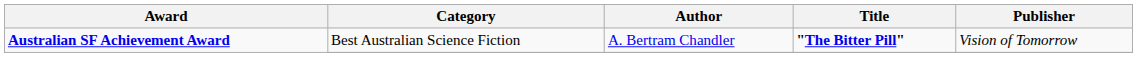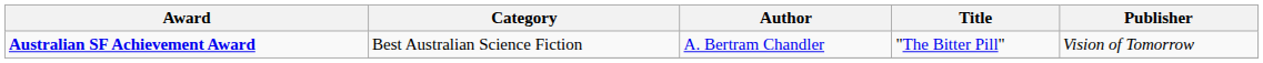 <table class="wikitable" width=95%>
 <tr>
 <th>Award</th>
 <th>Category</th>
 <th>Author</th>
 <th>Title</th>
 <th>Publisher</th>
 </tr>
 <tr>
 <td rowspan=2><strong><a href='#'> Australian SF Achievement Award</a></strong></td>
 <td>Best Australian Science Fiction</td>
 <td><a href='#'>A. Bertram Chandler</a></td>
-<td><strong>"<a href='#'>The Bitter Pill</a>"</strong></td>
+<td>"<a href='#'>The Bitter Pill</a>"</td>
 <td><em>Vision of Tomorrow</em></td>
 </tr>
 <tr>
 </tr>
 </table>
